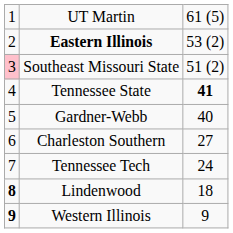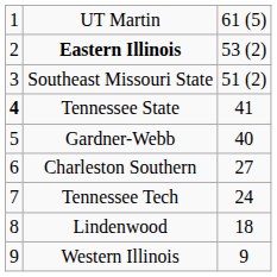 <table class="wikitable">
 <tr align="center">
 <td>1</td>
 <td>UT Martin</td>
 <td>61 (5)</td>
 </tr>
 <tr align="center">
 <td>2</td>
 <td><strong>Eastern Illinois</strong></td>
 <td>53 (2)</td>
 </tr>
 <tr align="center">
-<td style="background: pink;">3</td>
+<td>3</td>
 <td>Southeast Missouri State</td>
 <td>51 (2)</td>
 </tr>
 <tr align="center">
-<td>4</td>
+<td><strong>4</strong></td>
 <td>Tennessee State</td>
-<td><strong>41</strong></td>
+<td>41</td>
 </tr>
 <tr align="center">
 <td>5</td>
 <td>Gardner-Webb</td>
 <td>40</td>
 </tr>
 <tr align="center">
 <td>6</td>
 <td>Charleston Southern</td>
 <td>27</td>
 </tr>
 <tr align="center">
 <td>7</td>
 <td>Tennessee Tech</td>
 <td>24</td>
 </tr>
 <tr align="center">
-<td><strong>8</strong></td>
+<td>8</td>
 <td>Lindenwood</td>
 <td>18</td>
 </tr>
 <tr align="center">
-<td><strong>9</strong></td>
+<td>9</td>
 <td>Western Illinois</td>
 <td>9</td>
 </tr>
 </table>
